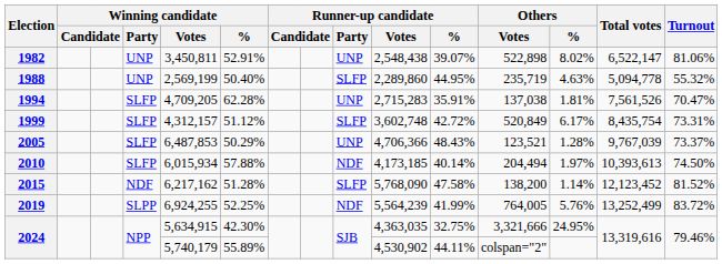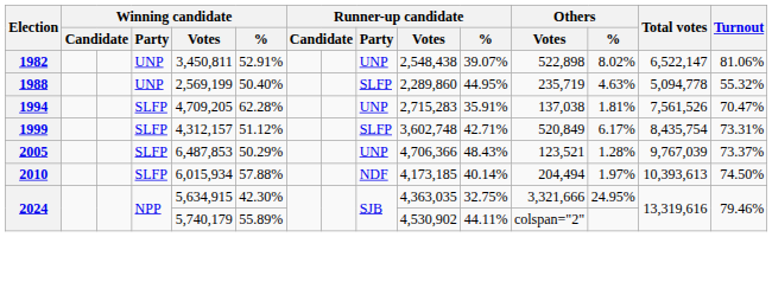 <table class="wikitable sortable" style="text-align:right;">
 <tr>
 <th scope="col" rowspan="2">Election</th>
 <th colspan="5">Winning candidate</th>
 <th colspan="5">Runner-up candidate</th>
 <th colspan="2">Others</th>
 <th rowspan="2">Total votes</th>
 <th rowspan="2" scope="col"><a href='#'>Turnout</a><br></th>
 </tr>
 <tr>
 <th colspan="2">Candidate</th>
 <th>Party</th>
 <th scope="col">Votes</th>
 <th scope="col">%</th>
 <th colspan="2">Candidate</th>
 <th>Party</th>
 <th>Votes</th>
 <th>%</th>
 <th>Votes</th>
 <th>%</th>
 </tr>
 <tr>
 <th scope="row"><a href='#'>1982</a></th>
 <td style="background:"></td>
 <td style="text-align:left;"></td>
 <td style="text-align:left;"><a href='#'>UNP</a></td>
 <td>3,450,811</td>
 <td>52.91%</td>
 <td style="background:"></td>
 <td style="text-align:left;"></td>
 <td style="text-align:left;"><a href='#'>UNP</a></td>
 <td>2,548,438</td>
 <td>39.07%</td>
 <td>522,898</td>
 <td>8.02%</td>
 <td>6,522,147</td>
 <td>81.06%</td>
 </tr>
 <tr>
 <th scope="row"><a href='#'>1988</a></th>
 <td style="background:"></td>
 <td style="text-align:left;"></td>
 <td style="text-align:left;"><a href='#'>UNP</a></td>
 <td>2,569,199</td>
 <td>50.40%</td>
 <td style="background:"></td>
 <td style="text-align:left;"></td>
 <td style="text-align:left;"><a href='#'>SLFP</a></td>
 <td>2,289,860</td>
 <td>44.95%</td>
 <td>235,719</td>
 <td>4.63%</td>
 <td>5,094,778</td>
 <td>55.32%</td>
 </tr>
 <tr>
 <th scope="row"><a href='#'>1994</a></th>
 <td style="background:"></td>
 <td style="text-align:left;"></td>
 <td style="text-align:left;"><a href='#'>SLFP</a></td>
 <td>4,709,205</td>
 <td>62.28%</td>
 <td style="background:"></td>
 <td style="text-align:left;"></td>
 <td style="text-align:left;"><a href='#'>UNP</a></td>
 <td>2,715,283</td>
 <td>35.91%</td>
 <td>137,038</td>
 <td>1.81%</td>
 <td>7,561,526</td>
 <td>70.47%</td>
 </tr>
 <tr>
 <th scope="row"><a href='#'>1999</a></th>
 <td style="background:"></td>
 <td style="text-align:left;"></td>
 <td style="text-align:left;"><a href='#'>SLFP</a></td>
 <td>4,312,157</td>
 <td>51.12%</td>
 <td style="background:"></td>
 <td style="text-align:left;"></td>
 <td style="text-align:left;"><a href='#'>SLFP</a></td>
 <td>3,602,748</td>
-<td>42.72%</td>
+<td>42.71%</td>
 <td>520,849</td>
 <td>6.17%</td>
 <td>8,435,754</td>
 <td>73.31%</td>
 </tr>
 <tr>
 <th scope="row"><a href='#'>2005</a></th>
 <td style="background:"></td>
 <td style="text-align:left;"></td>
 <td style="text-align:left;"><a href='#'>SLFP</a></td>
 <td>6,487,853</td>
 <td>50.29%</td>
 <td style="background:"></td>
 <td style="text-align:left;"></td>
 <td style="text-align:left;"><a href='#'>UNP</a></td>
 <td>4,706,366</td>
 <td>48.43%</td>
 <td>123,521</td>
 <td>1.28%</td>
 <td>9,767,039</td>
 <td>73.37%</td>
 </tr>
 <tr>
 <th scope="row"><a href='#'>2010</a></th>
 <td style="background:"></td>
 <td style="text-align:left;"></td>
 <td style="text-align:left;"><a href='#'>SLFP</a></td>
 <td>6,015,934</td>
 <td>57.88%</td>
 <td style="background:"></td>
 <td style="text-align:left;"></td>
 <td style="text-align:left;"><a href='#'>NDF</a></td>
 <td>4,173,185</td>
 <td>40.14%</td>
 <td>204,494</td>
 <td>1.97%</td>
 <td>10,393,613</td>
 <td>74.50%</td>
 </tr>
 <tr>
-<th scope="row"><a href='#'>2015</a></th>
-<td style="background:"></td>
-<td style="text-align:left;"></td>
-<td style="text-align:left;"><a href='#'>NDF</a></td>
-<td>6,217,162</td>
-<td>51.28%</td>
-<td style="background:"></td>
-<td style="text-align:left;"></td>
-<td style="text-align:left;"><a href='#'>SLFP</a></td>
-<td>5,768,090</td>
-<td>47.58%</td>
-<td>138,200</td>
-<td>1.14%</td>
-<td>12,123,452</td>
-<td>81.52%</td>
-</tr>
-<tr>
-<th scope="row"><a href='#'>2019</a></th>
-<td style="background:"></td>
-<td style="text-align:left;"></td>
-<td style="text-align:left;"><a href='#'>SLPP</a></td>
-<td>6,924,255</td>
-<td>52.25%</td>
-<td style="background:"></td>
-<td style="text-align:left;"></td>
-<td style="text-align:left;"><a href='#'>NDF</a></td>
-<td>5,564,239</td>
-<td>41.99%</td>
-<td>764,005</td>
-<td>5.76%</td>
-<td>13,252,499</td>
-<td>83.72%</td>
-</tr>
-<tr>
 <th rowspan="2" scope="row"><a href='#'>2024</a></th>
 <td rowspan="2" style="background:"></td>
 <td rowspan="2" style="text-align:left;"></td>
 <td rowspan="2" style="text-align:left;"><a href='#'>NPP</a></td>
 <td>5,634,915</td>
 <td>42.30%</td>
 <td rowspan="2" style="background:"></td>
 <td rowspan="2" style="text-align:left;"></td>
 <td rowspan="2" style="text-align:left;"><a href='#'>SJB</a></td>
 <td>4,363,035</td>
 <td>32.75%</td>
 <td>3,321,666</td>
 <td>24.95%</td>
 <td rowspan="2">13,319,616</td>
 <td rowspan="2">79.46%</td>
 </tr>
 <tr>
 <td>5,740,179</td>
 <td>55.89%</td>
 <td>4,530,902</td>
 <td>44.11%</td>
 <td>colspan="2" </td>
 </tr>
 </table>
